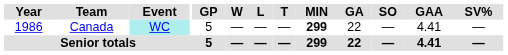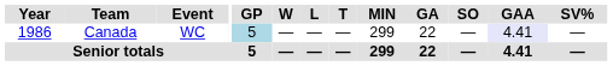 <table border="0" cellpadding="1" cellspacing="0" ID="Table3" style="text-align:center; width:40em;">
 <tr bgcolor="#e0e0e0">
 <th>Year</th>
 <th>Team</th>
 <th>Event</th>
 <th rowspan="99" bgcolor="#ffffff"></th>
 <th>GP</th>
 <th>W</th>
 <th>L</th>
 <th>T</th>
 <th>MIN</th>
 <th>GA</th>
 <th>SO</th>
 <th>GAA</th>
 <th>SV%</th>
 </tr>
 <tr>
 <td><a href='#'>1986</a></td>
 <td><a href='#'>Canada</a></td>
-<td style="background: paleturquoise;"><a href='#'>WC</a></td>
-<td>5</td>
+<td><a href='#'>WC</a></td>
+<td style="background: lightblue;">5</td>
 <td>—</td>
 <td>—</td>
 <td>—</td>
-<td><strong>299</strong></td>
+<td>299</td>
 <td>22</td>
 <td>—</td>
-<td>4.41</td>
+<td style="background: lavender;">4.41</td>
 <td>—</td>
 </tr>
 <tr bgcolor="#e0e0e0">
 <th colspan="4">Senior totals</th>
 <th>5</th>
 <th>—</th>
 <th>—</th>
 <th>—</th>
 <th>299</th>
 <th>22</th>
 <th>—</th>
 <th>4.41</th>
 <th>—</th>
 </tr>
 </table>
